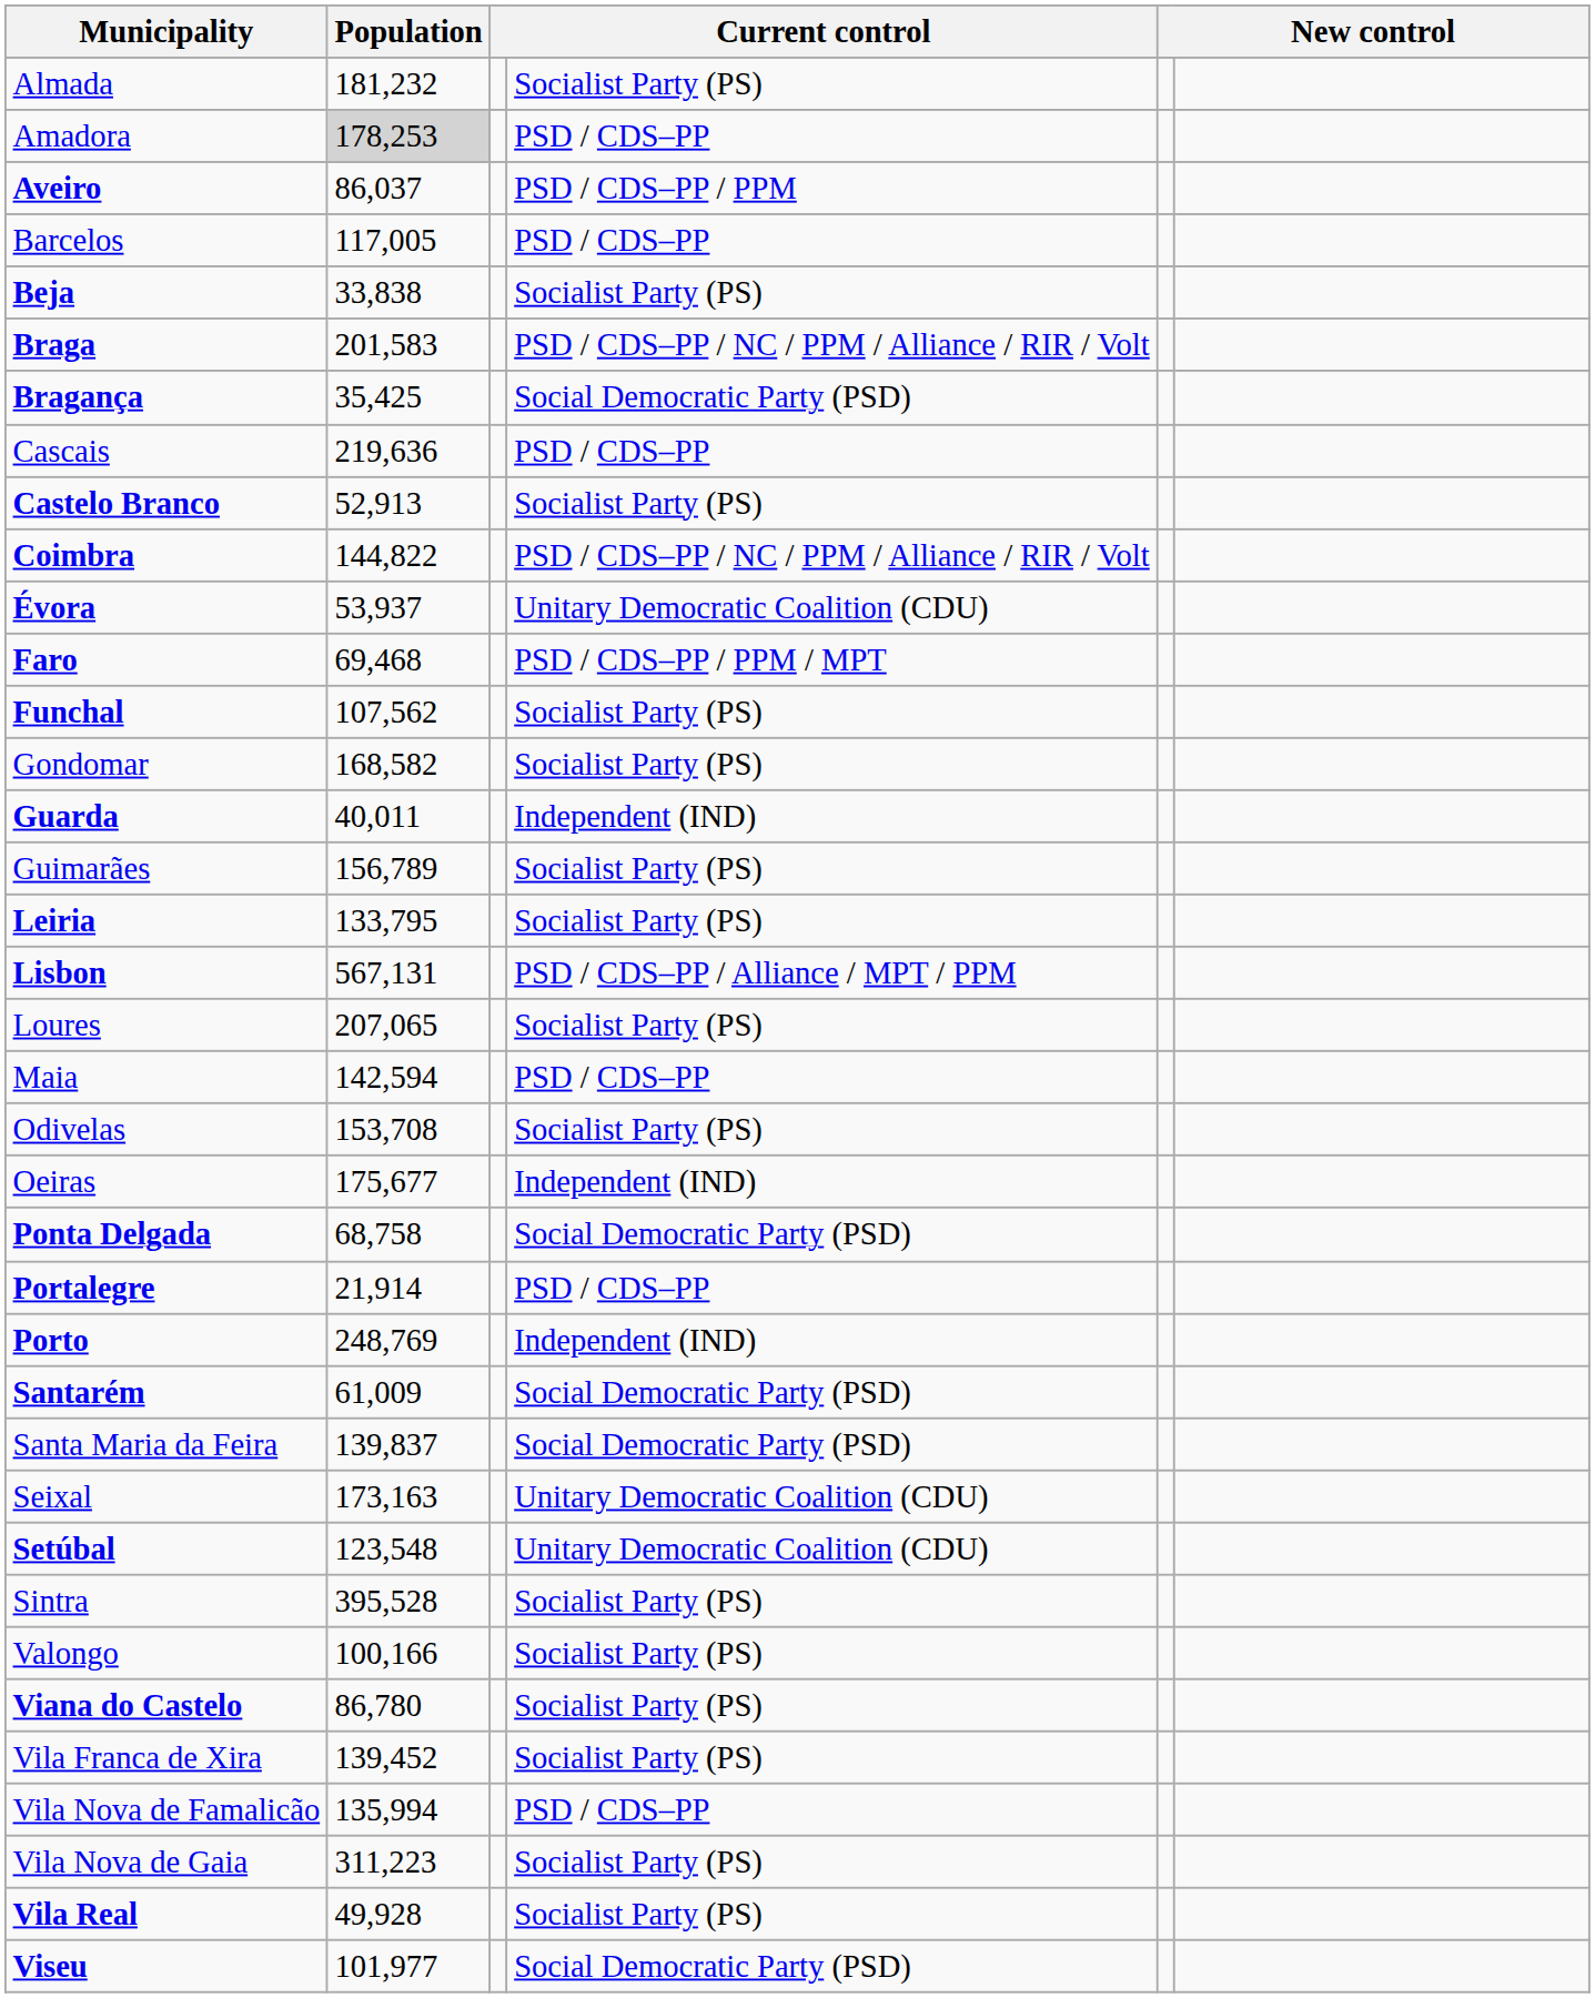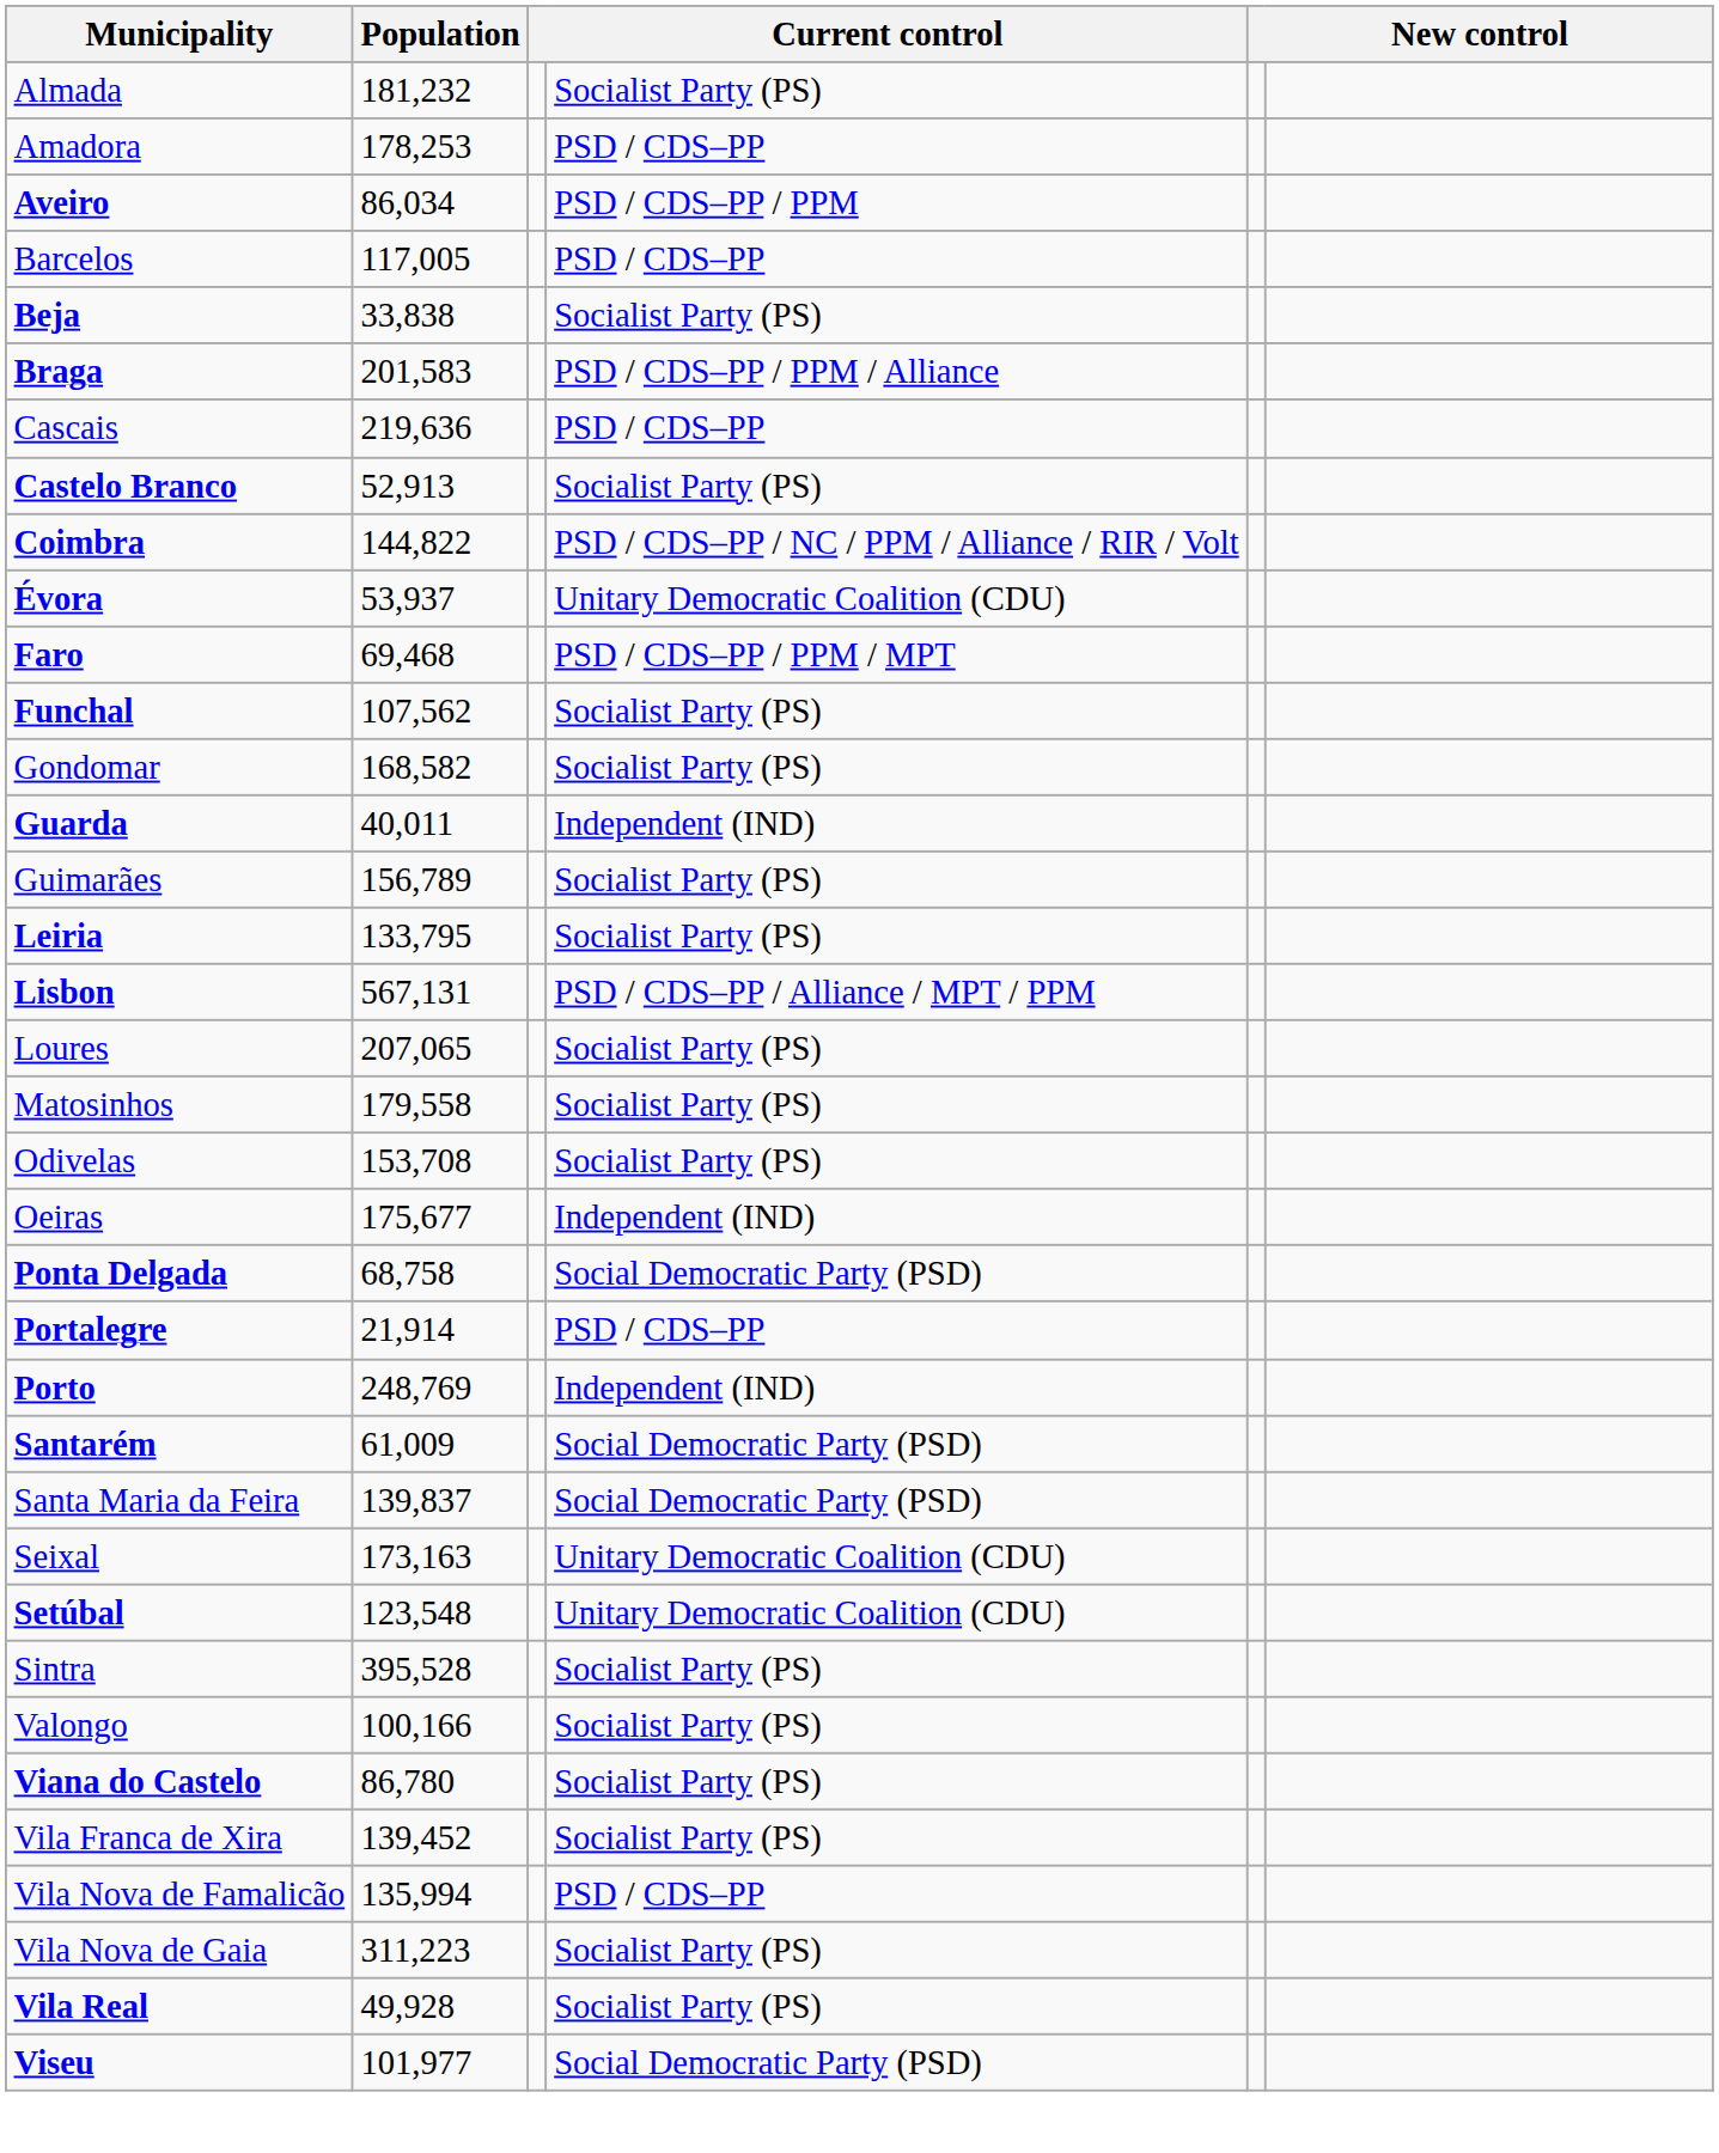 <table class="wikitable sortable" style="font-size:95%;">
 <tr>
 <th>Municipality</th>
 <th>Population</th>
 <th colspan="2" style="width:200px;">Current control</th>
 <th colspan="2" style="width:200px;">New control</th>
 </tr>
 <tr>
 <td><a href='#'>Almada</a></td>
 <td>181,232</td>
 <td width="1" style="color:inherit;background:"></td>
 <td><a href='#'>Socialist Party</a> (PS)</td>
 <td width="1"></td>
 <td></td>
 </tr>
 <tr>
 <td><a href='#'>Amadora</a></td>
-<td style="background: lightgrey;">178,253</td>
+<td>178,253</td>
 <td width="1" style="color:inherit;background:"></td>
 <td><a href='#'>PSD</a> / <a href='#'>CDS–PP</a></td>
 <td width="1"></td>
 <td></td>
 </tr>
 <tr>
 <td><a href='#'><strong>Aveiro</strong></a></td>
-<td>86,037</td>
+<td>86,034</td>
 <td width="1" style="color:inherit;background:"></td>
 <td><a href='#'>PSD</a> / <a href='#'>CDS–PP</a> / <a href='#'>PPM</a></td>
 <td width="1"></td>
 <td></td>
 </tr>
 <tr>
 <td><a href='#'>Barcelos</a></td>
 <td>117,005</td>
 <td width="1" style="color:inherit;background:"></td>
 <td><a href='#'>PSD</a> / <a href='#'>CDS–PP</a></td>
 <td width="1"></td>
 <td></td>
 </tr>
 <tr>
 <td><a href='#'><strong>Beja</strong></a></td>
 <td>33,838</td>
 <td width="1" style="color:inherit;background:"></td>
 <td><a href='#'>Socialist Party</a> (PS)</td>
 <td width="1"></td>
 <td></td>
 </tr>
 <tr>
 <td><strong><a href='#'>Braga</a></strong></td>
 <td>201,583</td>
 <td width="1" style="color:inherit;background:"></td>
-<td><a href='#'>PSD</a> / <a href='#'>CDS–PP</a> / <a href='#'>NC</a> / <a href='#'>PPM</a> / <a href='#'>Alliance</a> / <a href='#'>RIR</a> / <a href='#'>Volt</a></td>
-<td width="1"></td>
-<td></td>
-</tr>
-<tr>
-<td><a href='#'><strong>Bragança</strong></a></td>
-<td>35,425</td>
-<td width="1" style="color:inherit;background:"></td>
-<td><a href='#'>Social Democratic Party</a> (PSD)</td>
+<td><a href='#'>PSD</a> / <a href='#'>CDS–PP</a> / <a href='#'>PPM</a> / <a href='#'>Alliance</a></td>
 <td width="1"></td>
 <td></td>
 </tr>
 <tr>
 <td><a href='#'>Cascais</a></td>
 <td>219,636</td>
 <td width="1" style="color:inherit;background:"></td>
 <td><a href='#'>PSD</a> / <a href='#'>CDS–PP</a></td>
 <td width="1"></td>
 <td></td>
 </tr>
 <tr>
 <td><a href='#'><strong>Castelo Branco</strong></a></td>
 <td>52,913</td>
 <td width="1" style="color:inherit;background:"></td>
 <td><a href='#'>Socialist Party</a> (PS)</td>
 <td width="1"></td>
 <td></td>
 </tr>
 <tr>
 <td><strong><a href='#'>Coimbra</a></strong></td>
 <td>144,822</td>
 <td width="1" style="color:inherit;background:"></td>
 <td><a href='#'>PSD</a> / <a href='#'>CDS–PP</a> / <a href='#'>NC</a> / <a href='#'>PPM</a> / <a href='#'>Alliance</a> / <a href='#'>RIR</a> / <a href='#'>Volt</a></td>
 <td width="1"></td>
 <td></td>
 </tr>
 <tr>
 <td><strong><a href='#'>Évora</a></strong></td>
 <td>53,937</td>
 <td width="1" style="color:inherit;background:"></td>
 <td><a href='#'>Unitary Democratic Coalition</a> (CDU)</td>
 <td width="1"></td>
 <td></td>
 </tr>
 <tr>
 <td><a href='#'><strong>Faro</strong></a></td>
 <td>69,468</td>
 <td style="color:inherit;background:"></td>
 <td><a href='#'>PSD</a> / <a href='#'>CDS–PP</a> / <a href='#'>PPM</a> / <a href='#'>MPT</a></td>
 <td width="1"></td>
 <td></td>
 </tr>
 <tr>
 <td><strong><a href='#'>Funchal</a></strong></td>
 <td>107,562</td>
 <td width="1" style="color:inherit;background:"></td>
 <td><a href='#'>Socialist Party</a> (PS)</td>
 <td width="1"></td>
 <td></td>
 </tr>
 <tr>
 <td><a href='#'>Gondomar</a></td>
 <td>168,582</td>
 <td width="1" style="color:inherit;background:"></td>
 <td><a href='#'>Socialist Party</a> (PS)</td>
 <td width="1"></td>
 <td></td>
 </tr>
 <tr>
 <td><a href='#'><strong>Guarda</strong></a></td>
 <td>40,011</td>
 <td width="1" style="color:inherit;background:"></td>
 <td><a href='#'>Independent</a> (IND)</td>
 <td width="1"></td>
 <td></td>
 </tr>
 <tr>
 <td><a href='#'>Guimarães</a></td>
 <td>156,789</td>
 <td width="1" style="color:inherit;background:"></td>
 <td><a href='#'>Socialist Party</a> (PS)</td>
 <td width="1"></td>
 <td></td>
 </tr>
 <tr>
 <td><strong><a href='#'>Leiria</a></strong></td>
 <td>133,795</td>
 <td width="1" style="color:inherit;background:"></td>
 <td><a href='#'>Socialist Party</a> (PS)</td>
 <td width="1"></td>
 <td></td>
 </tr>
 <tr>
 <td><strong><a href='#'>Lisbon</a></strong></td>
 <td>567,131</td>
 <td width="1" style="color:inherit;background:"></td>
 <td><a href='#'>PSD</a> / <a href='#'>CDS–PP</a> / <a href='#'>Alliance</a> / <a href='#'>MPT</a> / <a href='#'>PPM</a></td>
 <td width="1"></td>
 <td></td>
 </tr>
 <tr>
 <td><a href='#'>Loures</a></td>
 <td>207,065</td>
 <td width="1" style="color:inherit;background:"></td>
 <td><a href='#'>Socialist Party</a> (PS)</td>
 <td width="1"></td>
 <td></td>
 </tr>
 <tr>
-<td><a href='#'>Maia</a></td>
-<td>142,594</td>
+<td><a href='#'>Matosinhos</a></td>
+<td>179,558</td>
 <td width="1" style="color:inherit;background:"></td>
-<td><a href='#'>PSD</a> / <a href='#'>CDS–PP</a></td>
+<td><a href='#'>Socialist Party</a> (PS)</td>
 <td width="1"></td>
 <td></td>
 </tr>
 <tr>
 <td><a href='#'>Odivelas</a></td>
 <td>153,708</td>
 <td width="1" style="color:inherit;background:"></td>
 <td><a href='#'>Socialist Party</a> (PS)</td>
 <td width="1"></td>
 <td></td>
 </tr>
 <tr>
 <td><a href='#'>Oeiras</a></td>
 <td>175,677</td>
 <td width="1" style="color:inherit;background:"></td>
 <td><a href='#'>Independent</a> (IND)</td>
 <td width="1"></td>
 <td></td>
 </tr>
 <tr>
 <td><strong><a href='#'>Ponta Delgada</a></strong></td>
 <td>68,758</td>
 <td width="1" style="color:inherit;background:"></td>
 <td><a href='#'>Social Democratic Party</a> (PSD)</td>
 <td width="1"></td>
 <td></td>
 </tr>
 <tr>
 <td><a href='#'><strong>Portalegre</strong></a></td>
 <td>21,914</td>
 <td width="1" style="color:inherit;background:"></td>
 <td><a href='#'>PSD</a> / <a href='#'>CDS–PP</a></td>
 <td width="1"></td>
 <td></td>
 </tr>
 <tr>
 <td><strong><a href='#'>Porto</a></strong></td>
 <td>248,769</td>
 <td width="1" style="color:inherit;background:"></td>
 <td><a href='#'>Independent</a> (IND)</td>
 <td width="1"></td>
 <td></td>
 </tr>
 <tr>
 <td><a href='#'><strong>Santarém</strong></a></td>
 <td>61,009</td>
 <td width="1" style="color:inherit;background:"></td>
 <td><a href='#'>Social Democratic Party</a> (PSD)</td>
 <td width="1"></td>
 <td></td>
 </tr>
 <tr>
 <td><a href='#'>Santa Maria da Feira</a></td>
 <td>139,837</td>
 <td width="1" style="color:inherit;background:"></td>
 <td><a href='#'>Social Democratic Party</a> (PSD)</td>
 <td width="1"></td>
 <td></td>
 </tr>
 <tr>
 <td><a href='#'>Seixal</a></td>
 <td>173,163</td>
 <td width="1" style="color:inherit;background:"></td>
 <td><a href='#'>Unitary Democratic Coalition</a> (CDU)</td>
 <td width="1"></td>
 <td></td>
 </tr>
 <tr>
 <td><strong><a href='#'>Setúbal</a></strong></td>
 <td>123,548</td>
 <td width="1" style="color:inherit;background:"></td>
 <td><a href='#'>Unitary Democratic Coalition</a> (CDU)</td>
 <td width="1"></td>
 <td></td>
 </tr>
 <tr>
 <td><a href='#'>Sintra</a></td>
 <td>395,528</td>
 <td width="1" style="color:inherit;background:"></td>
 <td><a href='#'>Socialist Party</a> (PS)</td>
 <td width="1"></td>
 <td></td>
 </tr>
 <tr>
 <td><a href='#'>Valongo</a></td>
 <td>100,166</td>
 <td width="1" style="color:inherit;background:"></td>
 <td><a href='#'>Socialist Party</a> (PS)</td>
 <td width="1"></td>
 <td></td>
 </tr>
 <tr>
 <td><strong><a href='#'>Viana do Castelo</a></strong></td>
 <td>86,780</td>
 <td width="1" style="color:inherit;background:"></td>
 <td><a href='#'>Socialist Party</a> (PS)</td>
 <td width="1"></td>
 <td></td>
 </tr>
 <tr>
 <td><a href='#'>Vila Franca de Xira</a></td>
 <td>139,452</td>
 <td width="1" style="color:inherit;background:"></td>
 <td><a href='#'>Socialist Party</a> (PS)</td>
 <td width="1"></td>
 <td></td>
 </tr>
 <tr>
 <td><a href='#'>Vila Nova de Famalicão</a></td>
 <td>135,994</td>
 <td width="1" style="color:inherit;background:"></td>
 <td><a href='#'>PSD</a> / <a href='#'>CDS–PP</a></td>
 <td width="1"></td>
 <td></td>
 </tr>
 <tr>
 <td><a href='#'>Vila Nova de Gaia</a></td>
 <td>311,223</td>
 <td width="1" style="color:inherit;background:"></td>
 <td><a href='#'>Socialist Party</a> (PS)</td>
 <td width="1"></td>
 <td></td>
 </tr>
 <tr>
 <td><strong><a href='#'>Vila Real</a></strong></td>
 <td>49,928</td>
 <td width="1" style="color:inherit;background:"></td>
 <td><a href='#'>Socialist Party</a> (PS)</td>
 <td width="1"></td>
 <td></td>
 </tr>
 <tr>
 <td><strong><a href='#'>Viseu</a></strong></td>
 <td>101,977</td>
 <td width="1" style="color:inherit;background:"></td>
 <td><a href='#'>Social Democratic Party</a> (PSD)</td>
 <td width="1"></td>
 <td></td>
 </tr>
 </table>
